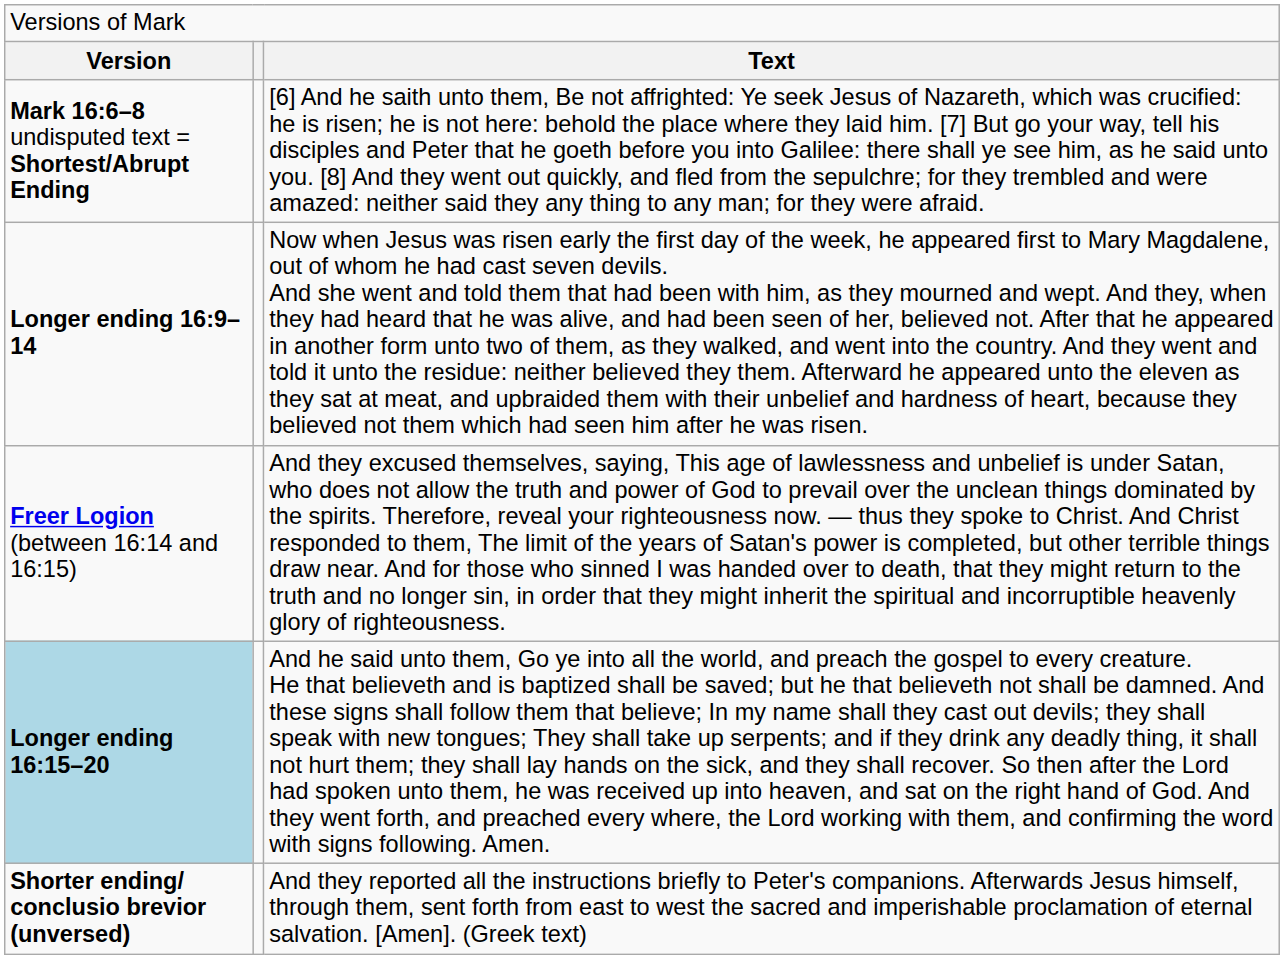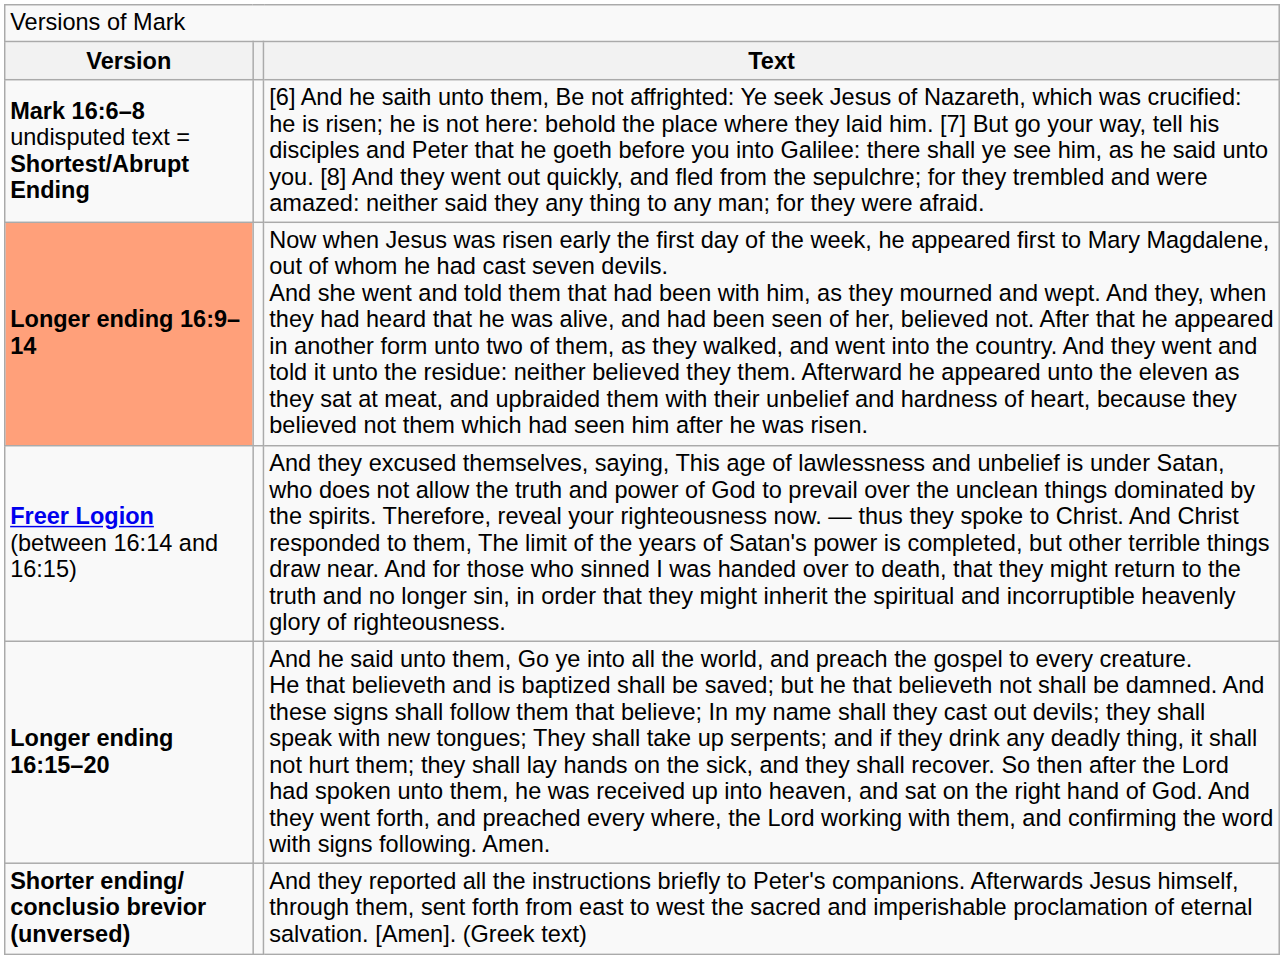 <table class="wikitable floatright  mw-collapsible mw-collapsed">
 <tr>
 <td colspan="3">Versions of Mark</td>
 </tr>
 <tr>
 <th>Version</th>
 <th></th>
 <th>Text</th>
 </tr>
 <tr>
 <td><strong>Mark 16:6–8</strong> undisputed text = <strong>Shortest/Abrupt  Ending</strong></td>
 <td></td>
 <td>[6] And he saith unto them, Be not affrighted: Ye seek Jesus of Nazareth, which was crucified: he is risen; he is not here: behold the place where they laid him. [7] But go your way, tell his disciples and Peter that he goeth before you into Galilee: there shall ye see him, as he said unto you. [8] And they went out quickly, and fled from the sepulchre; for they trembled and were amazed: neither said they any thing to any man; for they were afraid.</td>
 </tr>
 <tr>
-<td><strong>Longer ending 16:9–14</strong></td>
+<td style="background: lightsalmon;"><strong>Longer ending 16:9–14</strong></td>
 <td></td>
 <td>Now when Jesus was risen early the first day of the week, he appeared first to Mary Magdalene, out of whom he had cast seven devils.<br>And she went and told them that had been with him, as they mourned and wept. And they, when they had heard that he was alive, and had been seen of her, believed not. After that he appeared in another form unto two of them, as they walked, and went into the country. And they went and told it unto the residue: neither believed they them. Afterward he appeared unto the eleven as they sat at meat, and upbraided them with their unbelief and hardness of heart, because they believed not them which had seen him after he was risen.</td>
 </tr>
 <tr>
 <td><strong><a href='#'>Freer Logion</a></strong> (between 16:14 and 16:15)</td>
 <td></td>
 <td>And they excused themselves, saying, This age of lawlessness and unbelief is under Satan, who does not allow the truth and power of God to prevail over the unclean things dominated by the spirits. Therefore, reveal your righteousness now. — thus they spoke to Christ. And Christ responded to them, The limit of the years of Satan's power is completed, but other terrible things draw near. And for those who sinned I was handed over to death, that they might return to the truth and no longer sin, in order that they might inherit the spiritual and incorruptible heavenly glory of righteousness.</td>
 </tr>
 <tr>
-<td style="background: lightblue;"><strong>Longer ending 16:15–20</strong></td>
+<td><strong>Longer ending 16:15–20</strong></td>
 <td></td>
 <td>And he said unto them, Go ye into all the world, and preach the gospel to every creature.<br>He that believeth and is baptized shall be saved; but he that believeth not shall be damned. And these signs shall follow them that believe; In my name shall they cast out devils; they shall speak with new tongues; They shall take up serpents; and if they drink any deadly thing, it shall not hurt them; they shall lay hands on the sick, and they shall recover. So then after the Lord had spoken unto them, he was received up into heaven, and sat on the right hand of God. And they went forth, and preached every where, the Lord working with them, and confirming the word with signs following. Amen.</td>
 </tr>
 <tr>
 <td><strong>Shorter ending/ conclusio brevior (unversed)</strong></td>
 <td></td>
 <td>And they reported all the instructions briefly to Peter's companions. Afterwards Jesus himself, through them, sent forth from east to west the sacred and imperishable proclamation of eternal salvation. [Amen]. (Greek text)</td>
 </tr>
 </table>
